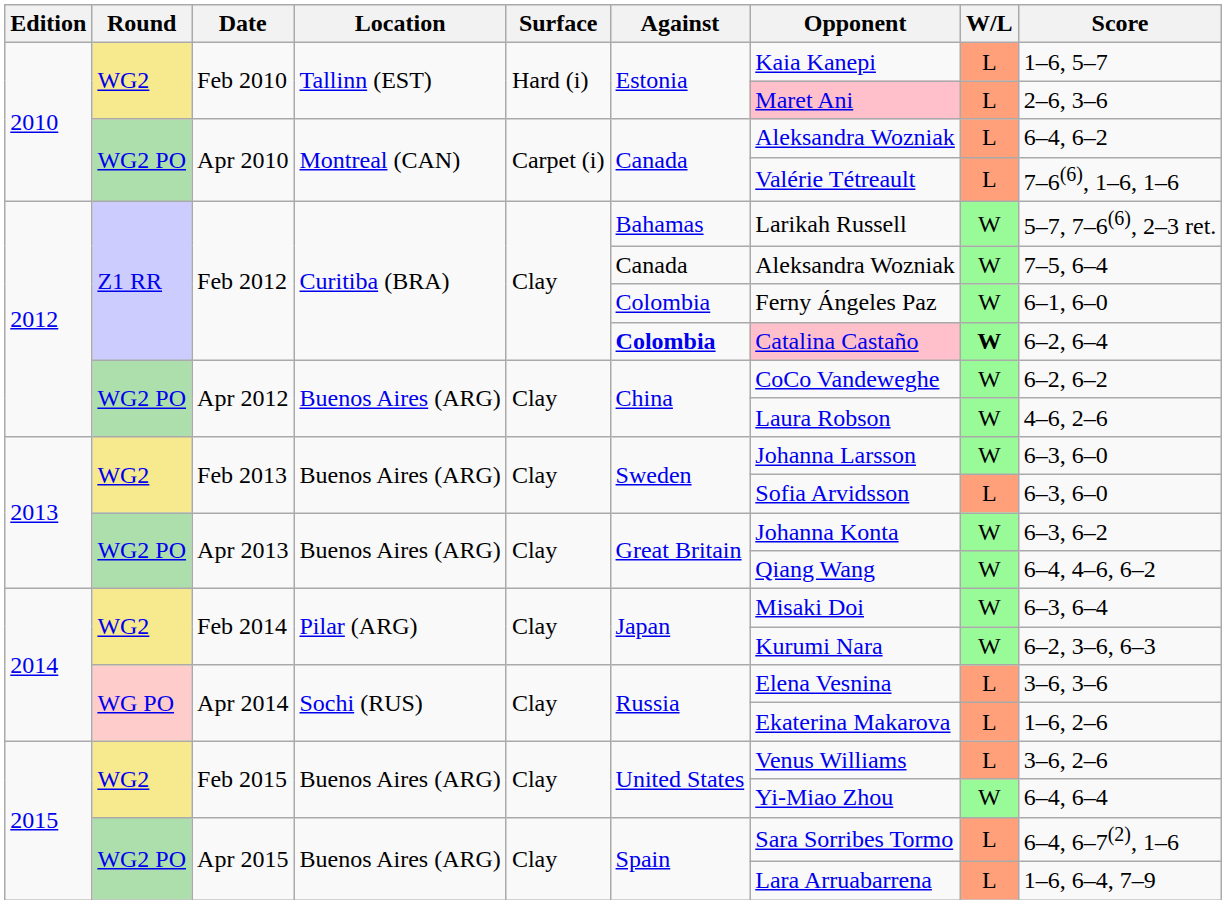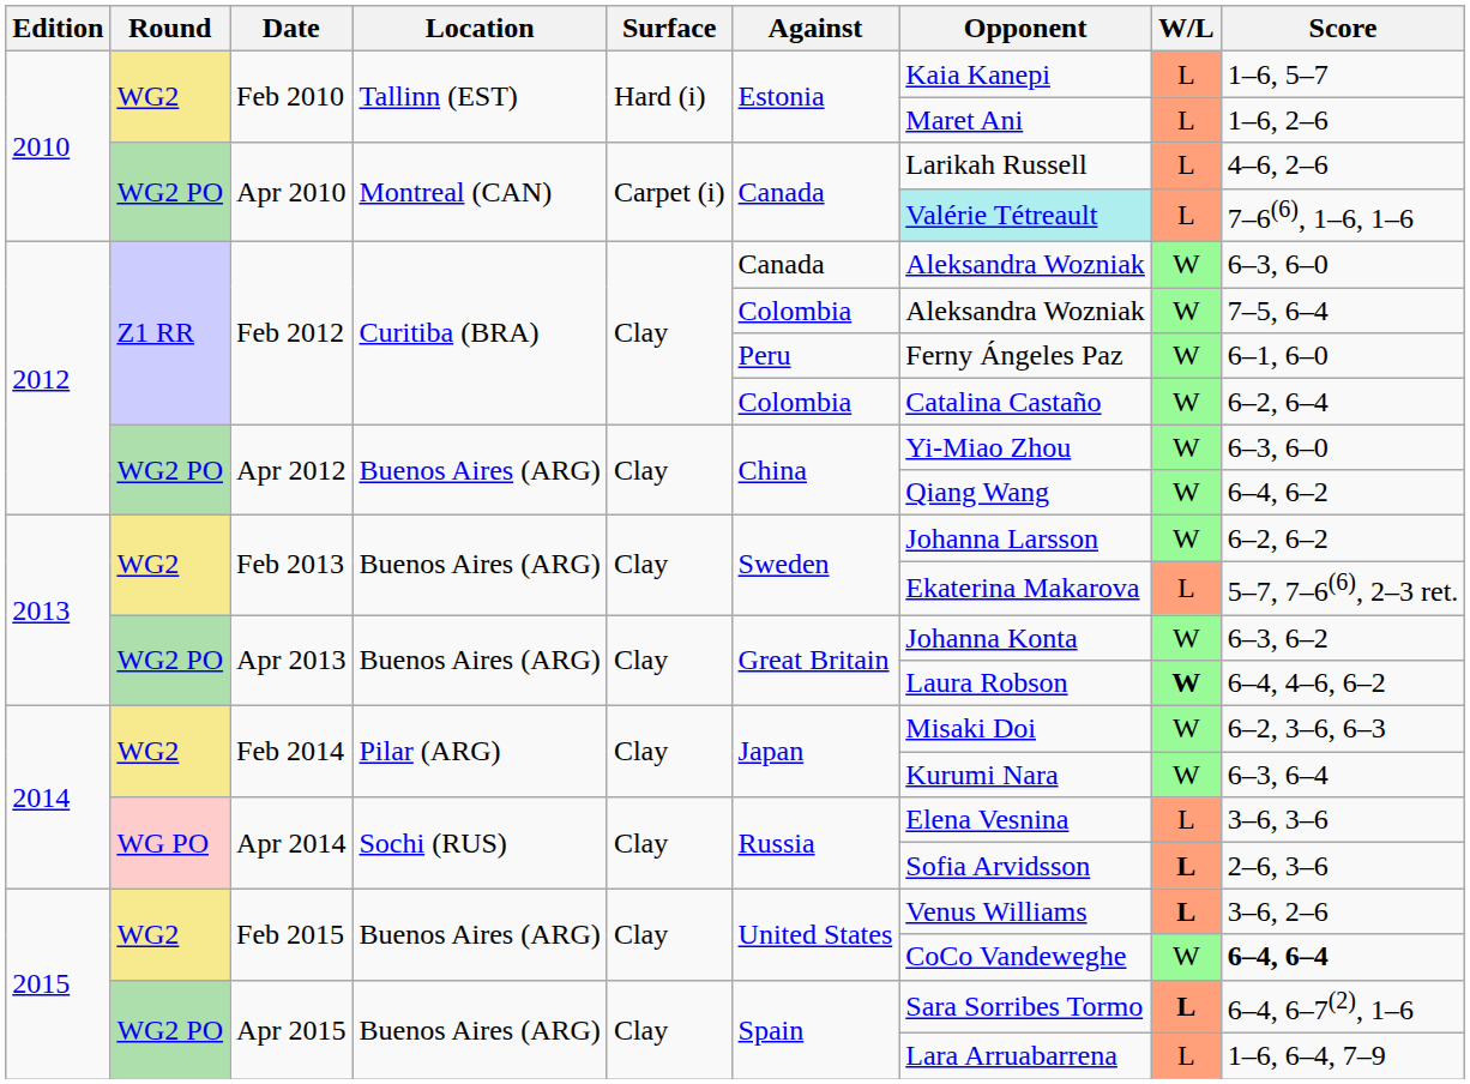 <table class=wikitable>
 <tr>
 <th>Edition</th>
 <th>Round</th>
 <th>Date</th>
 <th>Location</th>
 <th>Surface</th>
 <th>Against</th>
 <th>Opponent</th>
 <th>W/L</th>
 <th>Score</th>
 </tr>
 <tr>
 <td rowspan=4><a href='#'>2010</a></td>
 <td rowspan=2 bgcolor=f7e98e><a href='#'>WG2</a></td>
 <td rowspan="2">Feb 2010</td>
 <td rowspan="2"><a href='#'>Tallinn</a> (EST)</td>
 <td rowspan=2>Hard (i)</td>
 <td rowspan=2> <a href='#'>Estonia</a></td>
 <td><a href='#'>Kaia Kanepi</a></td>
 <td bgcolor=ffa07a align=center>L</td>
 <td>1–6, 5–7</td>
 </tr>
 <tr>
-<td style="background: pink;"><a href='#'>Maret Ani</a></td>
+<td><a href='#'>Maret Ani</a></td>
 <td bgcolor=ffa07a align=center>L</td>
-<td>2–6, 3–6</td>
+<td>1–6, 2–6</td>
 </tr>
 <tr>
 <td rowspan=2 bgcolor=addfad><a href='#'>WG2 PO</a></td>
 <td rowspan="2">Apr 2010</td>
 <td rowspan="2"><a href='#'>Montreal</a> (CAN)</td>
 <td rowspan=2>Carpet (i)</td>
 <td rowspan=2> <a href='#'>Canada</a></td>
-<td><a href='#'>Aleksandra Wozniak</a></td>
+<td>Larikah Russell</td>
 <td bgcolor=ffa07a align=center>L</td>
-<td>6–4, 6–2</td>
+<td>4–6, 2–6</td>
 </tr>
 <tr>
-<td><a href='#'>Valérie Tétreault</a></td>
+<td style="background: paleturquoise;"><a href='#'>Valérie Tétreault</a></td>
 <td bgcolor=ffa07a align=center>L</td>
 <td>7–6<sup>(6)</sup>, 1–6, 1–6</td>
 </tr>
 <tr>
 <td rowspan=6><a href='#'>2012</a></td>
 <td rowspan=4 bgcolor=#ccf><a href='#'>Z1 RR</a></td>
 <td rowspan="4">Feb 2012</td>
 <td rowspan="4"><a href='#'>Curitiba</a> (BRA)</td>
 <td rowspan=4>Clay</td>
-<td> <a href='#'>Bahamas</a></td>
-<td>Larikah Russell</td>
+<td> Canada</td>
+<td><a href='#'>Aleksandra Wozniak</a></td>
 <td bgcolor=98FB98 align=center>W</td>
-<td>5–7, 7–6<sup>(6)</sup>, 2–3 ret.</td>
+<td>6–3, 6–0</td>
 </tr>
 <tr>
-<td> Canada</td>
+<td> <a href='#'>Colombia</a></td>
 <td>Aleksandra Wozniak</td>
 <td bgcolor=98FB98 align=center>W</td>
 <td>7–5, 6–4</td>
 </tr>
 <tr>
-<td> <a href='#'>Colombia</a></td>
+<td> <a href='#'>Peru</a></td>
 <td>Ferny Ángeles Paz</td>
 <td bgcolor=98FB98 align=center>W</td>
 <td>6–1, 6–0</td>
 </tr>
 <tr>
-<td><strong> <a href='#'>Colombia</a></strong></td>
-<td style="background: pink;"><a href='#'>Catalina Castaño</a></td>
-<td bgcolor=98FB98 align=center><strong>W</strong></td>
+<td> <a href='#'>Colombia</a></td>
+<td><a href='#'>Catalina Castaño</a></td>
+<td bgcolor=98FB98 align=center>W</td>
 <td>6–2, 6–4</td>
 </tr>
 <tr>
 <td rowspan=2 bgcolor=addfad><a href='#'>WG2 PO</a></td>
 <td rowspan="2">Apr 2012</td>
 <td rowspan="2"><a href='#'>Buenos Aires</a> (ARG)</td>
 <td rowspan=2>Clay</td>
 <td rowspan=2> <a href='#'>China</a></td>
-<td><a href='#'>CoCo Vandeweghe</a></td>
+<td><a href='#'>Yi-Miao Zhou</a></td>
 <td bgcolor=98FB98 align=center>W</td>
-<td>6–2, 6–2</td>
+<td>6–3, 6–0</td>
 </tr>
 <tr>
-<td><a href='#'>Laura Robson</a></td>
+<td><a href='#'>Qiang Wang</a></td>
 <td bgcolor=98FB98 align=center>W</td>
-<td>4–6, 2–6</td>
+<td>6–4, 6–2</td>
 </tr>
 <tr>
 <td rowspan=4><a href='#'>2013</a></td>
 <td rowspan=2 bgcolor=f7e98e><a href='#'>WG2</a></td>
 <td rowspan="2">Feb 2013</td>
 <td rowspan="2">Buenos Aires (ARG)</td>
 <td rowspan=2>Clay</td>
 <td rowspan=2> <a href='#'>Sweden</a></td>
 <td><a href='#'>Johanna Larsson</a></td>
 <td bgcolor=98FB98 align=center>W</td>
-<td>6–3, 6–0</td>
+<td>6–2, 6–2</td>
 </tr>
 <tr>
-<td><a href='#'>Sofia Arvidsson</a></td>
+<td><a href='#'>Ekaterina Makarova</a></td>
 <td bgcolor=ffa07a align=center>L</td>
-<td>6–3, 6–0</td>
+<td>5–7, 7–6<sup>(6)</sup>, 2–3 ret.</td>
 </tr>
 <tr>
 <td rowspan=2 bgcolor=addfad><a href='#'>WG2 PO</a></td>
 <td rowspan="2">Apr 2013</td>
 <td rowspan="2">Buenos Aires (ARG)</td>
 <td rowspan=2>Clay</td>
 <td rowspan=2> <a href='#'>Great Britain</a></td>
 <td><a href='#'>Johanna Konta</a></td>
 <td bgcolor=98FB98 align=center>W</td>
 <td>6–3, 6–2</td>
 </tr>
 <tr>
-<td><a href='#'>Qiang Wang</a></td>
-<td bgcolor=98FB98 align=center>W</td>
+<td><a href='#'>Laura Robson</a></td>
+<td bgcolor=98FB98 align=center><strong>W</strong></td>
 <td>6–4, 4–6, 6–2</td>
 </tr>
 <tr>
 <td rowspan=4><a href='#'>2014</a></td>
 <td rowspan=2 bgcolor=f7e98e><a href='#'>WG2</a></td>
 <td rowspan="2">Feb 2014</td>
 <td rowspan="2"><a href='#'>Pilar</a> (ARG)</td>
 <td rowspan=2>Clay</td>
 <td rowspan=2> <a href='#'>Japan</a></td>
 <td><a href='#'>Misaki Doi</a></td>
 <td bgcolor=98FB98 align=center>W</td>
-<td>6–3, 6–4</td>
+<td>6–2, 3–6, 6–3</td>
 </tr>
 <tr>
 <td><a href='#'>Kurumi Nara</a></td>
 <td bgcolor=98FB98 align=center>W</td>
-<td>6–2, 3–6, 6–3</td>
+<td>6–3, 6–4</td>
 </tr>
 <tr>
 <td rowspan=2 bgcolor=#ffcccc><a href='#'>WG PO</a></td>
 <td rowspan="2">Apr 2014</td>
 <td rowspan="2"><a href='#'>Sochi</a> (RUS)</td>
 <td rowspan=2>Clay</td>
 <td rowspan=2> <a href='#'>Russia</a></td>
 <td><a href='#'>Elena Vesnina</a></td>
 <td bgcolor=ffa07a align=center>L</td>
 <td>3–6, 3–6</td>
 </tr>
 <tr>
-<td><a href='#'>Ekaterina Makarova</a></td>
-<td bgcolor=ffa07a align=center>L</td>
-<td>1–6, 2–6</td>
+<td><a href='#'>Sofia Arvidsson</a></td>
+<td bgcolor=ffa07a align=center><strong>L</strong></td>
+<td>2–6, 3–6</td>
 </tr>
 <tr>
 <td rowspan=4><a href='#'>2015</a></td>
 <td rowspan=2 bgcolor=f7e98e><a href='#'>WG2</a></td>
 <td rowspan="2">Feb 2015</td>
 <td rowspan="2">Buenos Aires (ARG)</td>
 <td rowspan=2>Clay</td>
 <td rowspan=2> <a href='#'>United States</a></td>
 <td><a href='#'>Venus Williams</a></td>
-<td bgcolor=ffa07a align=center>L</td>
+<td bgcolor=ffa07a align=center><strong>L</strong></td>
 <td>3–6, 2–6</td>
 </tr>
 <tr>
-<td><a href='#'>Yi-Miao Zhou</a></td>
+<td><a href='#'>CoCo Vandeweghe</a></td>
 <td bgcolor=98FB98 align=center>W</td>
-<td>6–4, 6–4</td>
+<td><strong>6–4, 6–4</strong></td>
 </tr>
 <tr>
 <td rowspan=2 bgcolor=addfad><a href='#'>WG2 PO</a></td>
 <td rowspan="2">Apr 2015</td>
 <td rowspan="2">Buenos Aires (ARG)</td>
 <td rowspan=2>Clay</td>
 <td rowspan=2> <a href='#'>Spain</a></td>
 <td><a href='#'>Sara Sorribes Tormo</a></td>
-<td bgcolor=ffa07a align=center>L</td>
+<td bgcolor=ffa07a align=center><strong>L</strong></td>
 <td>6–4, 6–7<sup>(2)</sup>, 1–6</td>
 </tr>
 <tr>
 <td><a href='#'>Lara Arruabarrena</a></td>
 <td bgcolor=ffa07a align=center>L</td>
 <td>1–6, 6–4, 7–9</td>
 </tr>
 </table>
